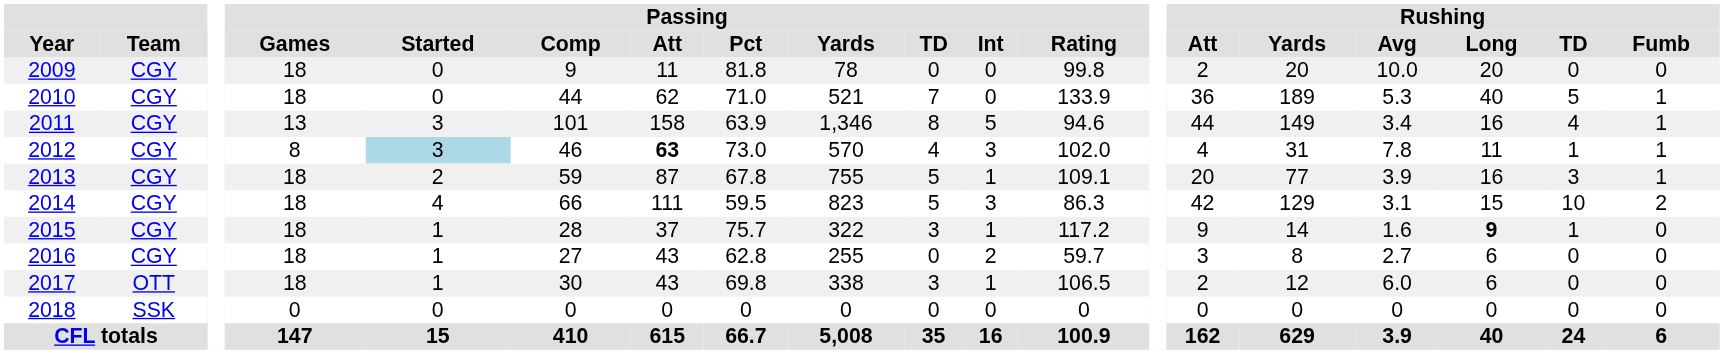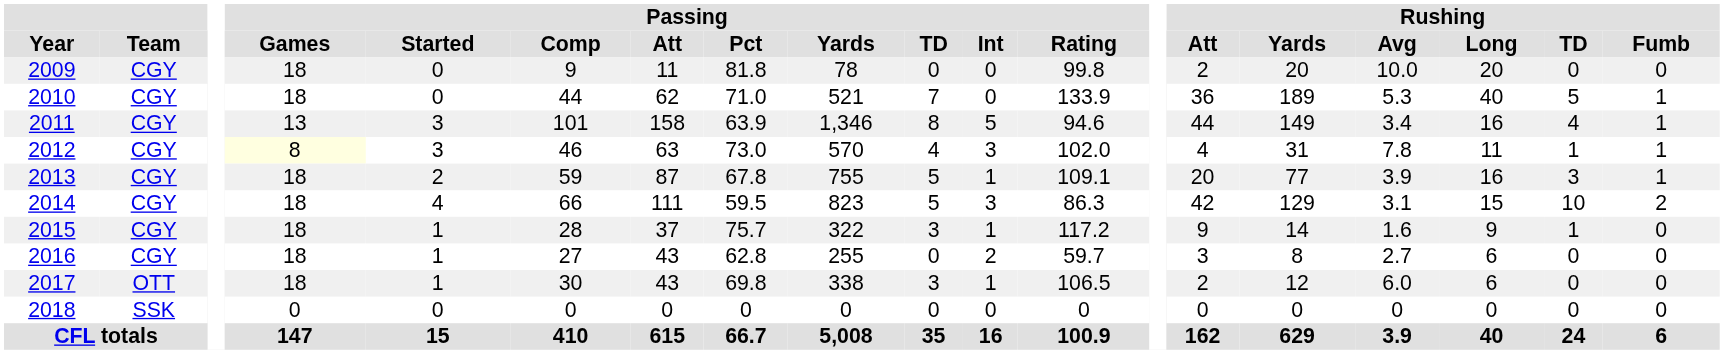 <table BORDER="0" CELLPADDING="1" CELLSPACING="0" width="65%" style="text-align:center">
 <tr bgcolor="#e0e0e0">
 <th colspan="2"></th>
 <th rowspan="99" bgcolor="#ffffff"> </th>
 <th colspan="9">Passing</th>
 <th rowspan="99" bgcolor="#ffffff"> </th>
 <th colspan="6">Rushing</th>
 </tr>
 <tr bgcolor="#e0e0e0">
 <th>Year</th>
 <th>Team</th>
 <th>Games</th>
 <th>Started</th>
 <th>Comp</th>
 <th>Att</th>
 <th>Pct</th>
 <th>Yards</th>
 <th>TD</th>
 <th>Int</th>
 <th>Rating</th>
 <th>Att</th>
 <th>Yards</th>
 <th>Avg</th>
 <th>Long</th>
 <th>TD</th>
 <th>Fumb</th>
 </tr>
 <tr ALIGN="center" bgcolor="#f0f0f0">
 <td><a href='#'>2009</a></td>
 <td><a href='#'>CGY</a></td>
 <td>18</td>
 <td>0</td>
 <td>9</td>
 <td>11</td>
 <td>81.8</td>
 <td>78</td>
 <td>0</td>
 <td>0</td>
 <td>99.8</td>
 <td>2</td>
 <td>20</td>
 <td>10.0</td>
 <td>20</td>
 <td>0</td>
 <td>0</td>
 </tr>
 <tr ALIGN="center">
 <td><a href='#'>2010</a></td>
 <td><a href='#'>CGY</a></td>
 <td>18</td>
 <td>0</td>
 <td>44</td>
 <td>62</td>
 <td>71.0</td>
 <td>521</td>
 <td>7</td>
 <td>0</td>
 <td>133.9</td>
 <td>36</td>
 <td>189</td>
 <td>5.3</td>
 <td>40</td>
 <td>5</td>
 <td>1</td>
 </tr>
 <tr ALIGN="center" bgcolor="#f0f0f0">
 <td><a href='#'>2011</a></td>
 <td><a href='#'>CGY</a></td>
 <td>13</td>
 <td>3</td>
 <td>101</td>
 <td>158</td>
 <td>63.9</td>
 <td>1,346</td>
 <td>8</td>
 <td>5</td>
 <td>94.6</td>
 <td>44</td>
 <td>149</td>
 <td>3.4</td>
 <td>16</td>
 <td>4</td>
 <td>1</td>
 </tr>
 <tr ALIGN="center">
 <td><a href='#'>2012</a></td>
 <td><a href='#'>CGY</a></td>
-<td>8</td>
-<td style="background: lightblue;">3</td>
+<td style="background: lightyellow;">8</td>
+<td>3</td>
 <td>46</td>
-<td><strong>63</strong></td>
+<td>63</td>
 <td>73.0</td>
 <td>570</td>
 <td>4</td>
 <td>3</td>
 <td>102.0</td>
 <td>4</td>
 <td>31</td>
 <td>7.8</td>
 <td>11</td>
 <td>1</td>
 <td>1</td>
 </tr>
 <tr ALIGN="center" bgcolor="#f0f0f0">
 <td><a href='#'>2013</a></td>
 <td><a href='#'>CGY</a></td>
 <td>18</td>
 <td>2</td>
 <td>59</td>
 <td>87</td>
 <td>67.8</td>
 <td>755</td>
 <td>5</td>
 <td>1</td>
 <td>109.1</td>
 <td>20</td>
 <td>77</td>
 <td>3.9</td>
 <td>16</td>
 <td>3</td>
 <td>1</td>
 </tr>
 <tr ALIGN="center">
 <td><a href='#'>2014</a></td>
 <td><a href='#'>CGY</a></td>
 <td>18</td>
 <td>4</td>
 <td>66</td>
 <td>111</td>
 <td>59.5</td>
 <td>823</td>
 <td>5</td>
 <td>3</td>
 <td>86.3</td>
 <td>42</td>
 <td>129</td>
 <td>3.1</td>
 <td>15</td>
 <td>10</td>
 <td>2</td>
 </tr>
 <tr ALIGN="center" bgcolor="#f0f0f0">
 <td><a href='#'>2015</a></td>
 <td><a href='#'>CGY</a></td>
 <td>18</td>
 <td>1</td>
 <td>28</td>
 <td>37</td>
 <td>75.7</td>
 <td>322</td>
 <td>3</td>
 <td>1</td>
 <td>117.2</td>
 <td>9</td>
 <td>14</td>
 <td>1.6</td>
-<td><strong>9</strong></td>
+<td>9</td>
 <td>1</td>
 <td>0</td>
 </tr>
 <tr ALIGN="center">
 <td><a href='#'>2016</a></td>
 <td><a href='#'>CGY</a></td>
 <td>18</td>
 <td>1</td>
 <td>27</td>
 <td>43</td>
 <td>62.8</td>
 <td>255</td>
 <td>0</td>
 <td>2</td>
 <td>59.7</td>
 <td>3</td>
 <td>8</td>
 <td>2.7</td>
 <td>6</td>
 <td>0</td>
 <td>0</td>
 </tr>
 <tr ALIGN="center" bgcolor="#f0f0f0">
 <td><a href='#'>2017</a></td>
 <td><a href='#'>OTT</a></td>
 <td>18</td>
 <td>1</td>
 <td>30</td>
 <td>43</td>
 <td>69.8</td>
 <td>338</td>
 <td>3</td>
 <td>1</td>
 <td>106.5</td>
 <td>2</td>
 <td>12</td>
 <td>6.0</td>
 <td>6</td>
 <td>0</td>
 <td>0</td>
 </tr>
 <tr ALIGN="center">
 <td><a href='#'>2018</a></td>
 <td><a href='#'>SSK</a></td>
 <td>0</td>
 <td>0</td>
 <td>0</td>
 <td>0</td>
 <td>0</td>
 <td>0</td>
 <td>0</td>
 <td>0</td>
 <td>0</td>
 <td>0</td>
 <td>0</td>
 <td>0</td>
 <td>0</td>
 <td>0</td>
 <td>0</td>
 </tr>
 <tr bgcolor="#e0e0e0">
 <th colspan="2"><a href='#'>CFL</a> totals</th>
 <th>147</th>
 <th>15</th>
 <th>410</th>
 <th>615</th>
 <th>66.7</th>
 <th>5,008</th>
 <th>35</th>
 <th>16</th>
 <th>100.9</th>
 <th>162</th>
 <th>629</th>
 <th>3.9</th>
 <th>40</th>
 <th>24</th>
 <th>6</th>
 </tr>
 </table>
